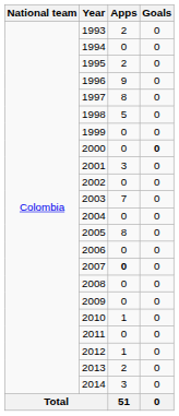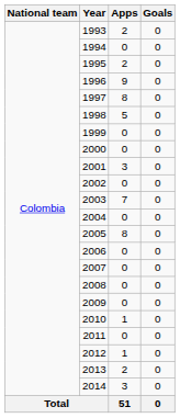 <table class="wikitable" style="text-align:center">
 <tr>
 <th>National team</th>
 <th>Year</th>
 <th>Apps</th>
 <th>Goals</th>
 </tr>
 <tr>
 <td rowspan="22"><a href='#'>Colombia</a></td>
 <td>1993</td>
 <td>2</td>
 <td>0</td>
 </tr>
 <tr>
 <td>1994</td>
 <td>0</td>
 <td>0</td>
 </tr>
 <tr>
 <td>1995</td>
 <td>2</td>
 <td>0</td>
 </tr>
 <tr>
 <td>1996</td>
 <td>9</td>
 <td>0</td>
 </tr>
 <tr>
 <td>1997</td>
 <td>8</td>
 <td>0</td>
 </tr>
 <tr>
 <td>1998</td>
 <td>5</td>
 <td>0</td>
 </tr>
 <tr>
 <td>1999</td>
 <td>0</td>
 <td>0</td>
 </tr>
 <tr>
 <td>2000</td>
 <td>0</td>
-<td><strong>0</strong></td>
+<td>0</td>
 </tr>
 <tr>
 <td>2001</td>
 <td>3</td>
 <td>0</td>
 </tr>
 <tr>
 <td>2002</td>
 <td>0</td>
 <td>0</td>
 </tr>
 <tr>
 <td>2003</td>
 <td>7</td>
 <td>0</td>
 </tr>
 <tr>
 <td>2004</td>
 <td>0</td>
 <td>0</td>
 </tr>
 <tr>
 <td>2005</td>
 <td>8</td>
 <td>0</td>
 </tr>
 <tr>
 <td>2006</td>
 <td>0</td>
 <td>0</td>
 </tr>
 <tr>
 <td>2007</td>
-<td><strong>0</strong></td>
+<td>0</td>
 <td>0</td>
 </tr>
 <tr>
 <td>2008</td>
 <td>0</td>
 <td>0</td>
 </tr>
 <tr>
 <td>2009</td>
 <td>0</td>
 <td>0</td>
 </tr>
 <tr>
 <td>2010</td>
 <td>1</td>
 <td>0</td>
 </tr>
 <tr>
 <td>2011</td>
 <td>0</td>
 <td>0</td>
 </tr>
 <tr>
 <td>2012</td>
 <td>1</td>
 <td>0</td>
 </tr>
 <tr>
 <td>2013</td>
 <td>2</td>
 <td>0</td>
 </tr>
 <tr>
 <td>2014</td>
 <td>3</td>
 <td>0</td>
 </tr>
 <tr>
 <th colspan="2">Total</th>
 <th>51</th>
 <th>0</th>
 </tr>
 </table>
